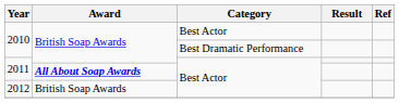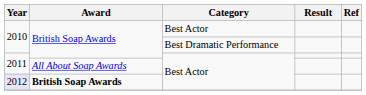 <table class="wikitable">
 <tr>
 <th>Year</th>
 <th width="200">Award</th>
 <th width="200">Category</th>
 <th width="65">Result</th>
 <th>Ref</th>
 </tr>
 <tr>
 <td rowspan=2>2010</td>
 <td rowspan=3><a href='#'>British Soap Awards</a></td>
 <td>Best Actor</td>
 <td></td>
 <td align="center"></td>
 </tr>
 <tr>
 <td>Best Dramatic Performance</td>
 <td></td>
 <td align="center"></td>
 </tr>
 <tr>
 <td rowspan=2>2011</td>
 <td rowspan=3>Best Actor</td>
 <td></td>
 <td align="center"></td>
 </tr>
 <tr>
-<td><strong><em><a href='#'>All About Soap Awards</a></em></strong></td>
+<td><em><a href='#'>All About Soap Awards</a></em></td>
 <td></td>
 <td align="center"></td>
 </tr>
 <tr>
-<td>2012</td>
-<td>British Soap Awards</td>
+<td style="background: lavender;">2012</td>
+<td><strong>British Soap Awards</strong></td>
 <td></td>
 <td align="center"></td>
 </tr>
 <tr>
 </tr>
 </table>
